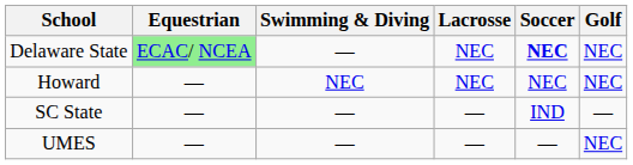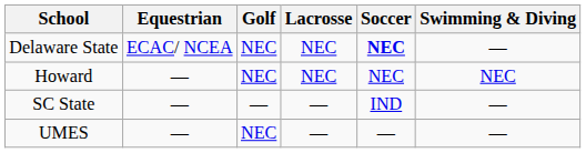 <table class="wikitable" style="text-align:center;">
 <tr>
 <th>School</th>
 <th>Equestrian</th>
-<th>Swimming & Diving</th>
+<th>Golf</th>
 <th>Lacrosse</th>
 <th>Soccer</th>
-<th>Golf</th>
+<th>Swimming & Diving</th>
 </tr>
 <tr>
 <td>Delaware State</td>
-<td style="background: lightgreen;"><a href='#'>ECAC</a>/ <a href='#'>NCEA</a></td>
-<td>—</td>
+<td><a href='#'>ECAC</a>/ <a href='#'>NCEA</a></td>
+<td><a href='#'>NEC</a></td>
 <td><a href='#'>NEC</a></td>
 <td><strong><a href='#'>NEC</a></strong></td>
-<td><a href='#'>NEC</a></td>
+<td>—</td>
 </tr>
 <tr>
 <td>Howard</td>
 <td>—</td>
 <td><a href='#'>NEC</a></td>
 <td><a href='#'>NEC</a></td>
 <td><a href='#'>NEC</a></td>
 <td><a href='#'>NEC</a></td>
 </tr>
 <tr>
 <td>SC State</td>
 <td>—</td>
 <td>—</td>
 <td>—</td>
 <td><a href='#'>IND</a></td>
 <td>—</td>
 </tr>
 <tr>
 <td>UMES</td>
 <td>—</td>
+<td><a href='#'>NEC</a></td>
 <td>—</td>
 <td>—</td>
 <td>—</td>
-<td><a href='#'>NEC</a></td>
 </tr>
 </table>
